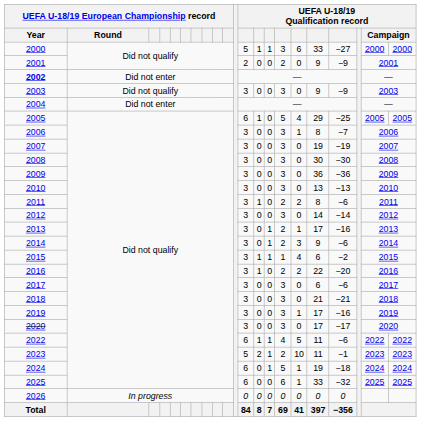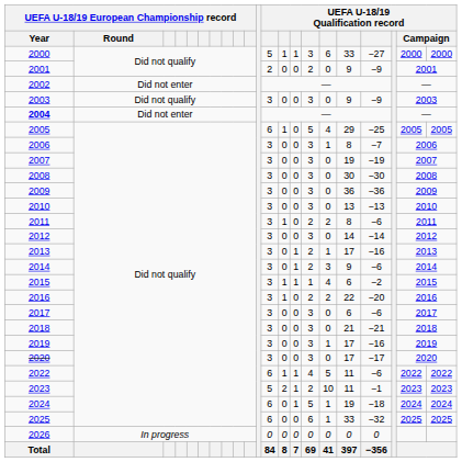 <table class="wikitable" style="text-align: center; font-size: 90%;">
 <tr>
 <th colspan=10><a href='#'>UEFA U-18/19 European Championship</a> record</th>
 <th width=1% rowspan=29></th>
 <th colspan=10>UEFA U-18/19<br>Qualification record</th>
 </tr>
 <tr>
 <th>Year</th>
 <th>Round</th>
 <th></th>
 <th></th>
 <th></th>
 <th></th>
 <th></th>
 <th></th>
 <th></th>
 <th></th>
 <th></th>
 <th></th>
 <th></th>
 <th></th>
 <th></th>
 <th></th>
 <th></th>
 <th rowspan="28" width="1%"></th>
 <th colspan="2">Campaign</th>
 </tr>
 <tr>
 <td> <a href='#'>2000</a></td>
 <td rowspan=2 colspan=9>Did not qualify</td>
 <td>5</td>
 <td>1</td>
 <td>1</td>
 <td>3</td>
 <td>6</td>
 <td>33</td>
 <td>−27</td>
 <td><a href='#'>2000</a></td>
 <td><a href='#'>2000</a></td>
 </tr>
 <tr>
 <td> <a href='#'>2001</a></td>
 <td>2</td>
 <td>0</td>
 <td>0</td>
 <td>2</td>
 <td>0</td>
 <td>9</td>
 <td>−9</td>
 <td colspan= "2"><a href='#'>2001</a></td>
 </tr>
 <tr>
-<td><strong> <a href='#'>2002</a></strong></td>
+<td> <a href='#'>2002</a></td>
 <td rowspan=1 colspan=9>Did not enter</td>
 <td rowspan=1 colspan=7>—</td>
 <td colspan= "2">—</td>
 </tr>
 <tr>
 <td> <a href='#'>2003</a></td>
 <td rowspan=1 colspan=9>Did not qualify</td>
 <td>3</td>
 <td>0</td>
 <td>0</td>
 <td>3</td>
 <td>0</td>
 <td>9</td>
 <td>−9</td>
 <td colspan= "2"><a href='#'>2003</a></td>
 </tr>
 <tr>
-<td> <a href='#'>2004</a></td>
+<td><strong> <a href='#'>2004</a></strong></td>
 <td rowspan=1 colspan=9>Did not enter</td>
 <td rowspan=1 colspan=7>—</td>
 <td colspan= "2">—</td>
 </tr>
 <tr>
 <td> <a href='#'>2005</a></td>
 <td rowspan=20 colspan=9>Did not qualify</td>
 <td>6</td>
 <td>1</td>
 <td>0</td>
 <td>5</td>
 <td>4</td>
 <td>29</td>
 <td>−25</td>
 <td><a href='#'>2005</a></td>
 <td><a href='#'>2005</a></td>
 </tr>
 <tr>
 <td> <a href='#'>2006</a></td>
 <td>3</td>
 <td>0</td>
 <td>0</td>
 <td>3</td>
 <td>1</td>
 <td>8</td>
 <td>−7</td>
 <td colspan= "2"><a href='#'>2006</a></td>
 </tr>
 <tr>
 <td> <a href='#'>2007</a></td>
 <td>3</td>
 <td>0</td>
 <td>0</td>
 <td>3</td>
 <td>0</td>
 <td>19</td>
 <td>−19</td>
 <td colspan= "2"><a href='#'>2007</a></td>
 </tr>
 <tr>
 <td> <a href='#'>2008</a></td>
 <td>3</td>
 <td>0</td>
 <td>0</td>
 <td>3</td>
 <td>0</td>
 <td>30</td>
 <td>−30</td>
 <td colspan= "2"><a href='#'>2008</a></td>
 </tr>
 <tr>
 <td> <a href='#'>2009</a></td>
 <td>3</td>
 <td>0</td>
 <td>0</td>
 <td>3</td>
 <td>0</td>
 <td>36</td>
 <td>−36</td>
 <td colspan= "2"><a href='#'>2009</a></td>
 </tr>
 <tr>
 <td> <a href='#'>2010</a></td>
 <td>3</td>
 <td>0</td>
 <td>0</td>
 <td>3</td>
 <td>0</td>
 <td>13</td>
 <td>−13</td>
 <td colspan= "2"><a href='#'>2010</a></td>
 </tr>
 <tr>
 <td> <a href='#'>2011</a></td>
 <td>3</td>
 <td>1</td>
 <td>0</td>
 <td>2</td>
 <td>2</td>
 <td>8</td>
 <td>−6</td>
 <td colspan= "2"><a href='#'>2011</a></td>
 </tr>
 <tr>
 <td> <a href='#'>2012</a></td>
 <td>3</td>
 <td>0</td>
 <td>0</td>
 <td>3</td>
 <td>0</td>
 <td>14</td>
 <td>−14</td>
 <td colspan= "2"><a href='#'>2012</a></td>
 </tr>
 <tr>
 <td> <a href='#'>2013</a></td>
 <td>3</td>
 <td>0</td>
 <td>1</td>
 <td>2</td>
 <td>1</td>
 <td>17</td>
 <td>−16</td>
 <td colspan= "2"><a href='#'>2013</a></td>
 </tr>
 <tr>
 <td> <a href='#'>2014</a></td>
 <td>3</td>
 <td>0</td>
 <td>1</td>
 <td>2</td>
 <td>3</td>
 <td>9</td>
 <td>−6</td>
 <td colspan= "2"><a href='#'>2014</a></td>
 </tr>
 <tr>
 <td> <a href='#'>2015</a></td>
 <td>3</td>
 <td>1</td>
 <td>1</td>
 <td>1</td>
 <td>4</td>
 <td>6</td>
 <td>−2</td>
 <td colspan= "2"><a href='#'>2015</a></td>
 </tr>
 <tr>
 <td> <a href='#'>2016</a></td>
 <td>3</td>
 <td>1</td>
 <td>0</td>
 <td>2</td>
 <td>2</td>
 <td>22</td>
 <td>−20</td>
 <td colspan= "2"><a href='#'>2016</a></td>
 </tr>
 <tr>
 <td> <a href='#'>2017</a></td>
 <td>3</td>
 <td>0</td>
 <td>0</td>
 <td>3</td>
 <td>0</td>
 <td>6</td>
 <td>−6</td>
 <td colspan= "2"><a href='#'>2017</a></td>
 </tr>
 <tr>
 <td> <a href='#'>2018</a></td>
 <td>3</td>
 <td>0</td>
 <td>0</td>
 <td>3</td>
 <td>0</td>
 <td>21</td>
 <td>−21</td>
 <td colspan= "2"><a href='#'>2018</a></td>
 </tr>
 <tr>
 <td> <a href='#'>2019</a></td>
 <td>3</td>
 <td>0</td>
 <td>0</td>
 <td>3</td>
 <td>1</td>
 <td>17</td>
 <td>−16</td>
 <td colspan= "2"><a href='#'>2019</a></td>
 </tr>
 <tr>
 <td> <s><a href='#'>2020</a></s></td>
 <td>3</td>
 <td>0</td>
 <td>0</td>
 <td>3</td>
 <td>0</td>
 <td>17</td>
 <td>−17</td>
 <td colspan= "2"><a href='#'>2020</a></td>
 </tr>
 <tr>
 <td> <a href='#'>2022</a></td>
 <td>6</td>
 <td>1</td>
 <td>1</td>
 <td>4</td>
 <td>5</td>
 <td>11</td>
 <td>−6</td>
 <td><a href='#'>2022</a></td>
 <td><a href='#'>2022</a></td>
 </tr>
 <tr>
 <td> <a href='#'>2023</a></td>
 <td>5</td>
 <td>2</td>
 <td>1</td>
 <td>2</td>
 <td>10</td>
 <td>11</td>
 <td>−1</td>
 <td><a href='#'>2023</a></td>
 <td><a href='#'>2023</a></td>
 </tr>
 <tr>
 <td> <a href='#'>2024</a></td>
 <td>6</td>
 <td>0</td>
 <td>1</td>
 <td>5</td>
 <td>1</td>
 <td>19</td>
 <td>−18</td>
 <td><a href='#'>2024</a></td>
 <td><a href='#'>2024</a></td>
 </tr>
 <tr>
 <td> <a href='#'>2025</a></td>
 <td>6</td>
 <td>0</td>
 <td>0</td>
 <td>6</td>
 <td>1</td>
 <td>33</td>
 <td>−32</td>
 <td><a href='#'>2025</a></td>
 <td><a href='#'>2025</a></td>
 </tr>
 <tr>
 <td> <a href='#'>2026</a></td>
 <td colspan="9"><em>In progress</em></td>
 <td><em>0</em></td>
 <td><em>0</em></td>
 <td><em>0</em></td>
 <td><em>0</em></td>
 <td><em>0</em></td>
 <td><em>0</em></td>
 <td><em>0</em></td>
 <td></td>
 <td></td>
 </tr>
 <tr>
 <th>Total</th>
 <th></th>
 <th></th>
 <th></th>
 <th></th>
 <th></th>
 <th></th>
 <th></th>
 <th></th>
 <th></th>
 <th>84</th>
 <th>8</th>
 <th>7</th>
 <th>69</th>
 <th>41</th>
 <th>397</th>
 <th>−356</th>
 <th colspan="2"></th>
 </tr>
 </table>
